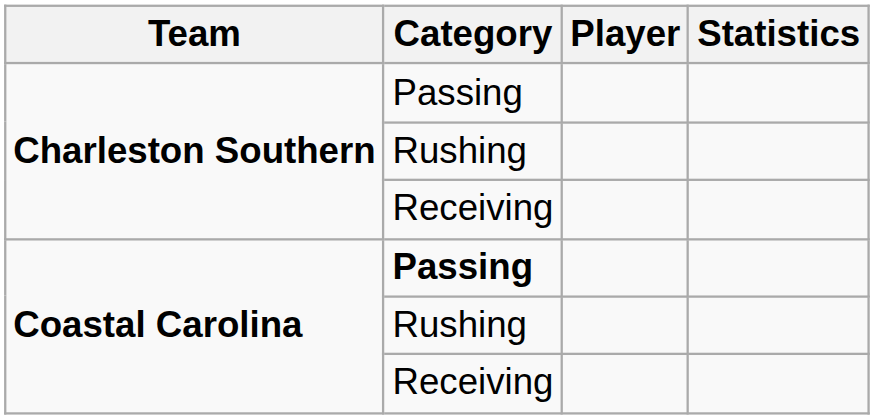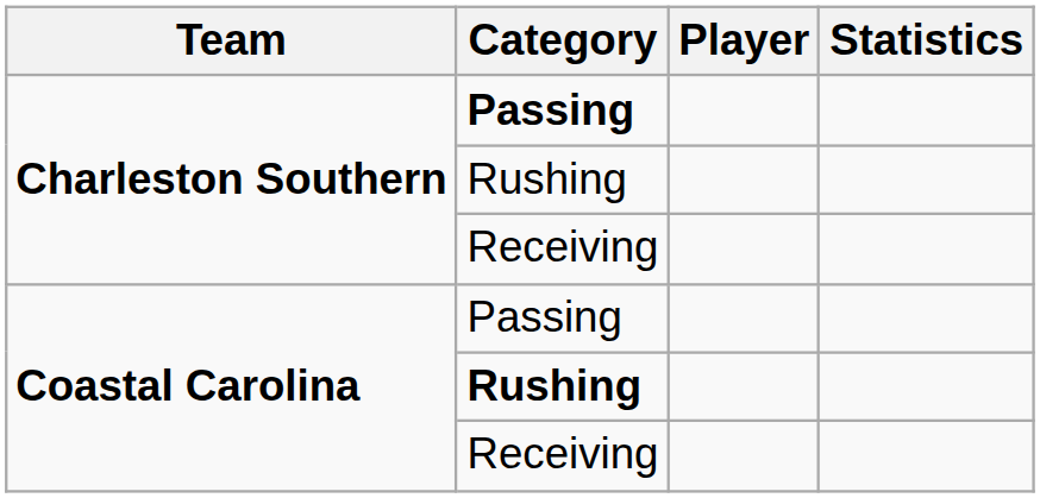 <table class="wikitable" style="float: right;">
 <tr>
 <th>Team</th>
 <th>Category</th>
 <th>Player</th>
 <th>Statistics</th>
 </tr>
 <tr>
 <td rowspan=3><strong>Charleston Southern</strong></td>
-<td>Passing</td>
+<td><strong>Passing</strong></td>
 <td></td>
 <td></td>
 </tr>
 <tr>
 <td>Rushing</td>
 <td></td>
 <td></td>
 </tr>
 <tr>
 <td>Receiving</td>
 <td></td>
 <td></td>
 </tr>
 <tr>
 <td rowspan=3><strong>Coastal Carolina</strong></td>
-<td><strong>Passing</strong></td>
+<td>Passing</td>
 <td></td>
 <td></td>
 </tr>
 <tr>
-<td>Rushing</td>
+<td><strong>Rushing</strong></td>
 <td></td>
 <td></td>
 </tr>
 <tr>
 <td>Receiving</td>
 <td></td>
 <td></td>
 </tr>
 </table>
